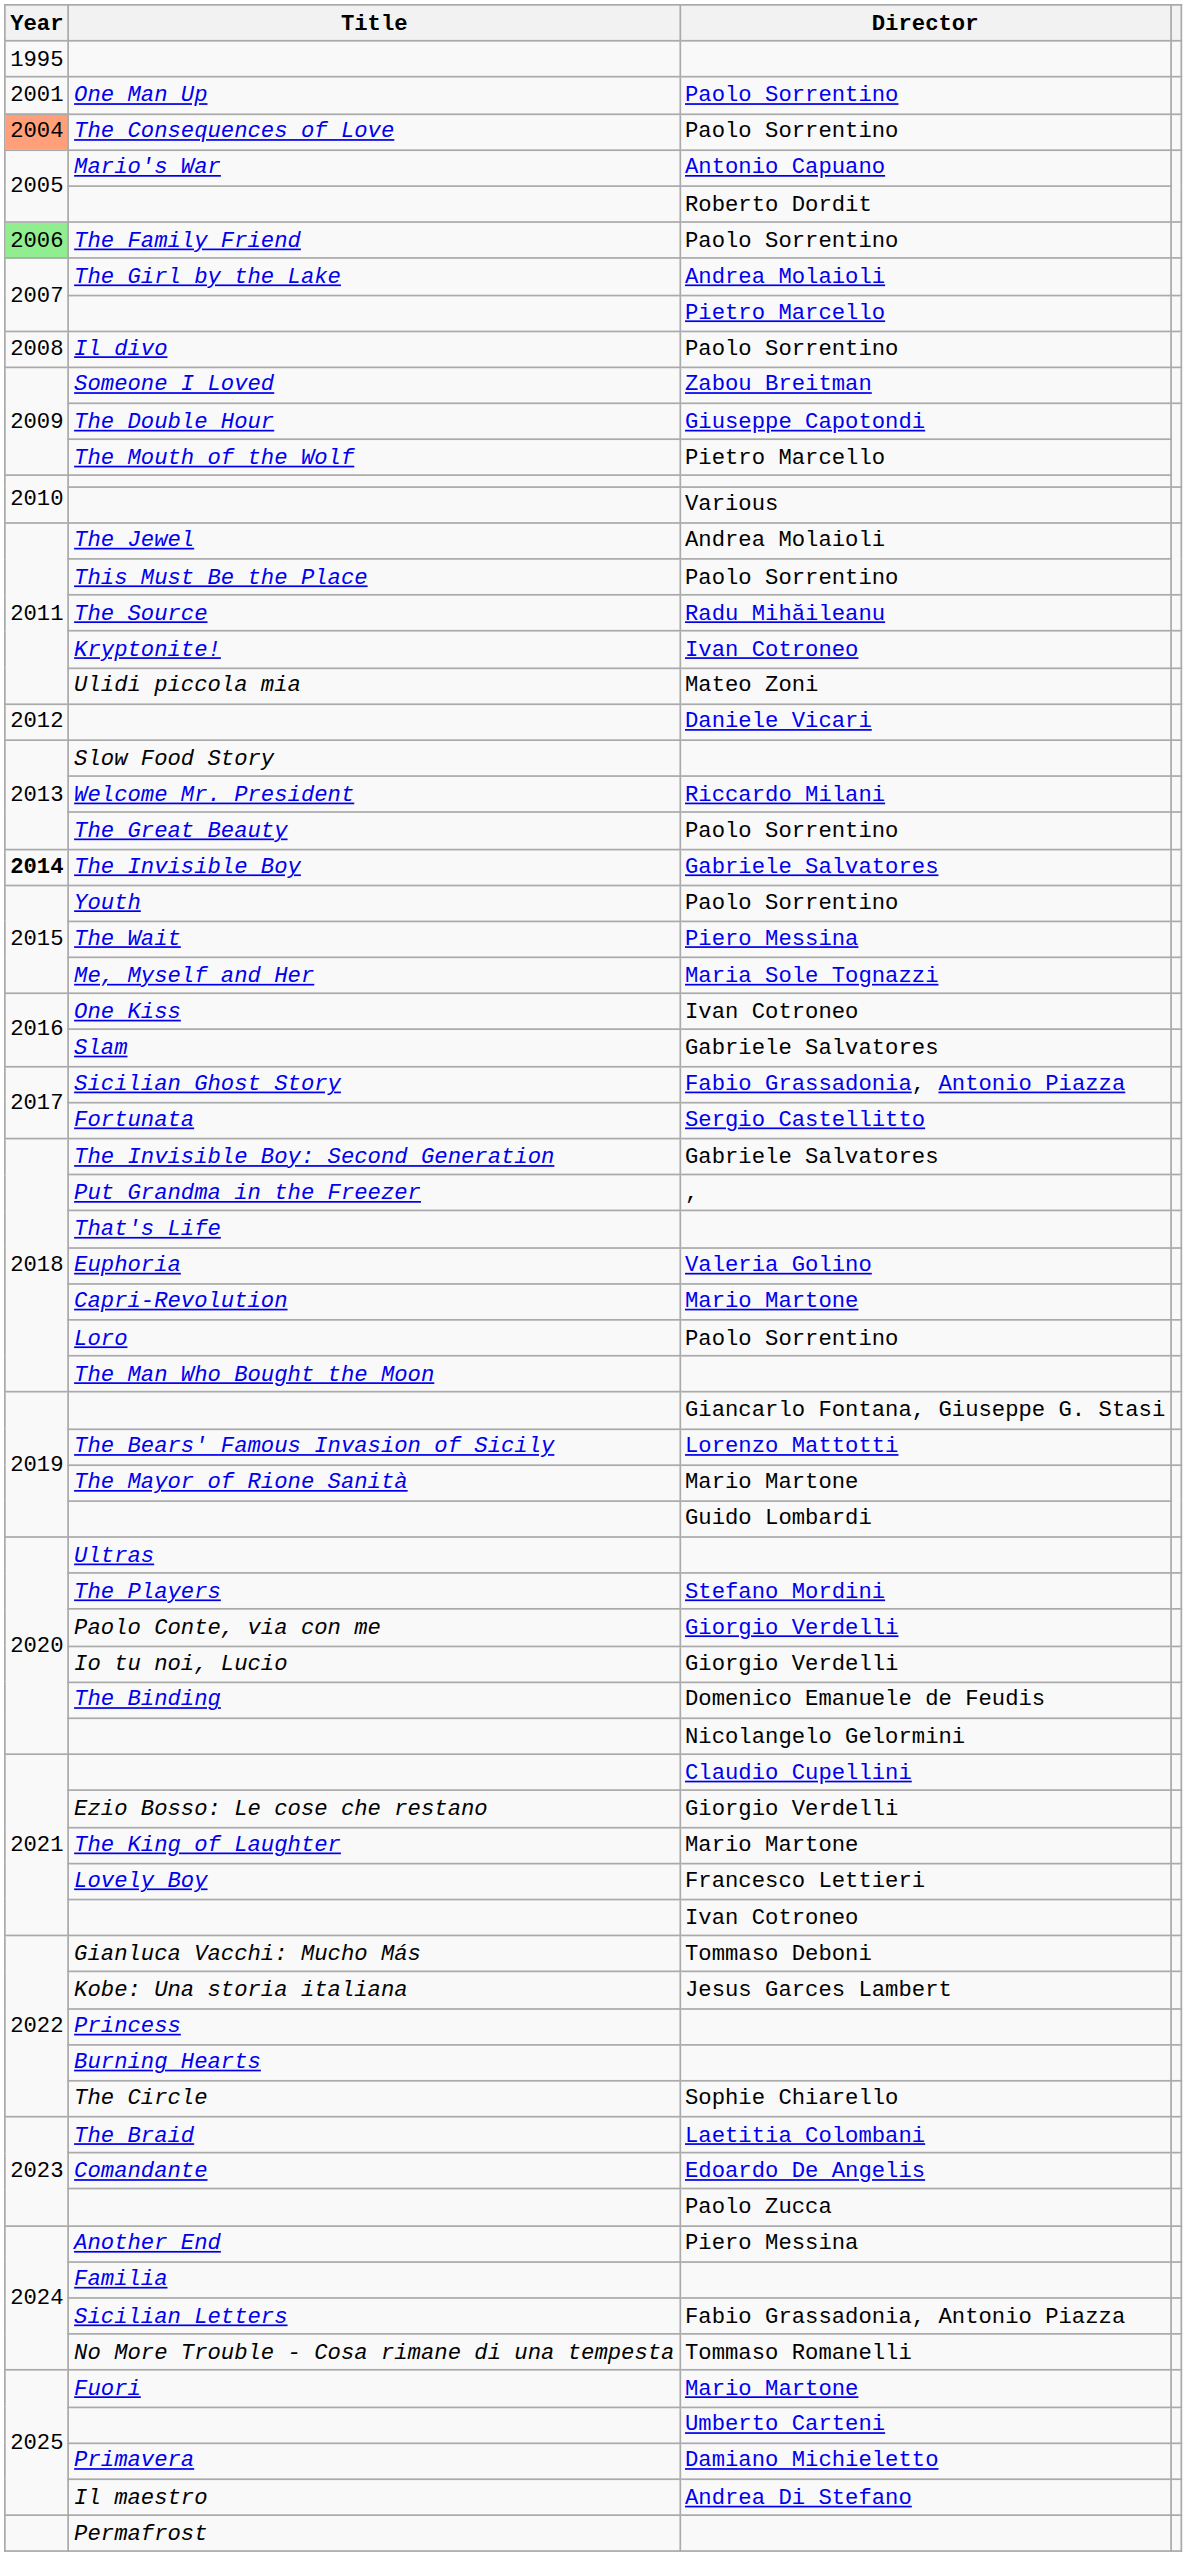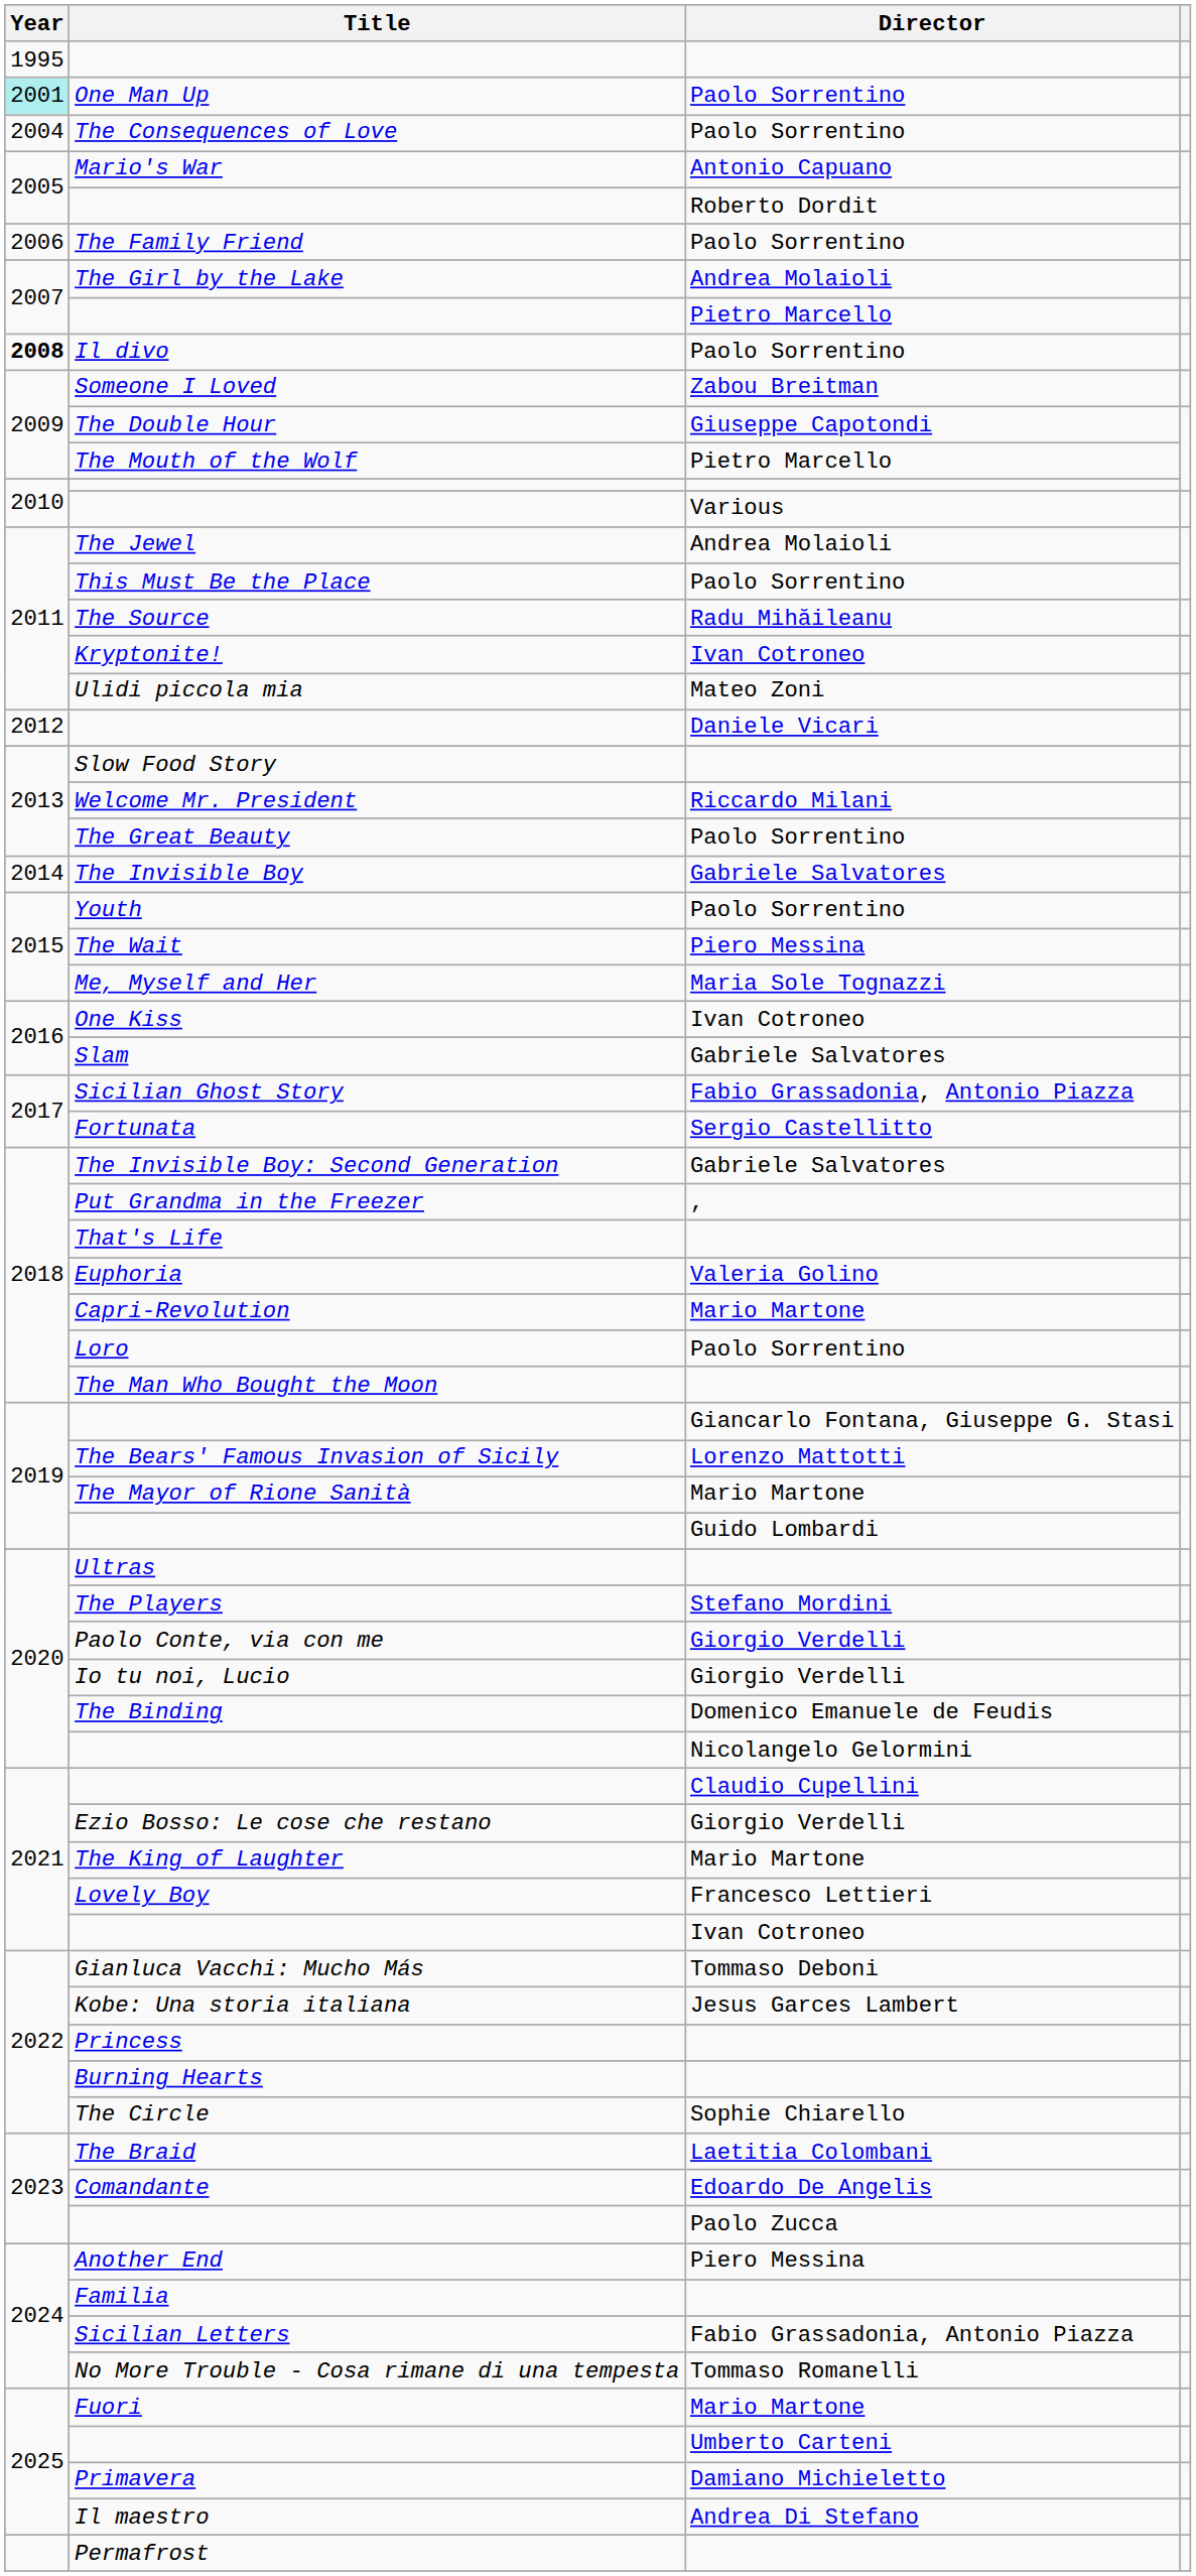 <table class="wikitable plainrowheaders sortable">
 <tr style="text-align:center;">
 <th>Year</th>
 <th>Title</th>
 <th>Director</th>
 <th class="unsortable"></th>
 </tr>
 <tr>
 <td>1995</td>
 <td><em></em></td>
 <td></td>
 <td></td>
 </tr>
 <tr>
-<td>2001</td>
+<td style="background: paleturquoise;">2001</td>
 <td><em><a href='#'>One Man Up</a></em></td>
 <td><a href='#'>Paolo Sorrentino</a></td>
 <td></td>
 </tr>
 <tr>
-<td style="background: lightsalmon;">2004</td>
+<td>2004</td>
 <td><em><a href='#'>The Consequences of Love</a></em></td>
 <td>Paolo Sorrentino</td>
 <td></td>
 </tr>
 <tr>
 <td rowspan="2">2005</td>
 <td><em><a href='#'>Mario's War</a></em></td>
 <td><a href='#'>Antonio Capuano</a></td>
 <td rowspan="2"></td>
 </tr>
 <tr>
 <td><em></em></td>
 <td>Roberto Dordit</td>
 </tr>
 <tr>
-<td style="background: lightgreen;">2006</td>
+<td>2006</td>
 <td><em><a href='#'>The Family Friend</a></em></td>
 <td>Paolo Sorrentino</td>
 <td></td>
 </tr>
 <tr>
 <td rowspan="2">2007</td>
 <td><em><a href='#'>The Girl by the Lake</a></em></td>
 <td><a href='#'>Andrea Molaioli</a></td>
 <td></td>
 </tr>
 <tr>
 <td><em></em></td>
 <td><a href='#'>Pietro Marcello</a></td>
 <td></td>
 </tr>
 <tr>
-<td>2008</td>
+<td><strong>2008</strong></td>
 <td><em><a href='#'>Il divo</a></em></td>
 <td>Paolo Sorrentino</td>
 <td></td>
 </tr>
 <tr>
 <td rowspan="3">2009</td>
 <td><em><a href='#'>Someone I Loved</a></em></td>
 <td><a href='#'>Zabou Breitman</a></td>
 <td></td>
 </tr>
 <tr>
 <td><em><a href='#'>The Double Hour</a></em></td>
 <td><a href='#'>Giuseppe Capotondi</a></td>
 <td rowspan="3"></td>
 </tr>
 <tr>
 <td><em><a href='#'>The Mouth of the Wolf</a></em></td>
 <td>Pietro Marcello</td>
 </tr>
 <tr>
 <td rowspan="2">2010</td>
 <td><em></em></td>
 <td></td>
 </tr>
 <tr>
 <td><em></em></td>
 <td>Various</td>
 <td></td>
 </tr>
 <tr>
 <td rowspan="5">2011</td>
 <td><em><a href='#'>The Jewel</a></em></td>
 <td>Andrea Molaioli</td>
 <td rowspan="2"></td>
 </tr>
 <tr>
 <td><em><a href='#'>This Must Be the Place</a></em></td>
 <td>Paolo Sorrentino</td>
 </tr>
 <tr>
 <td><em><a href='#'>The Source</a></em></td>
 <td><a href='#'>Radu Mihăileanu</a></td>
 <td></td>
 </tr>
 <tr>
 <td><em><a href='#'>Kryptonite!</a></em></td>
 <td><a href='#'>Ivan Cotroneo</a></td>
 <td></td>
 </tr>
 <tr>
 <td><em>Ulidi piccola mia</em></td>
 <td>Mateo Zoni</td>
 <td></td>
 </tr>
 <tr>
 <td>2012</td>
 <td><em></em></td>
 <td><a href='#'>Daniele Vicari</a></td>
 <td></td>
 </tr>
 <tr>
 <td rowspan="3">2013</td>
 <td><em>Slow Food Story</em></td>
 <td></td>
 <td></td>
 </tr>
 <tr>
 <td><em><a href='#'>Welcome Mr. President</a></em></td>
 <td><a href='#'>Riccardo Milani</a></td>
 <td></td>
 </tr>
 <tr>
 <td><em><a href='#'>The Great Beauty</a></em></td>
 <td>Paolo Sorrentino</td>
 <td></td>
 </tr>
 <tr>
-<td><strong>2014</strong></td>
+<td>2014</td>
 <td><em><a href='#'>The Invisible Boy</a></em></td>
 <td><a href='#'>Gabriele Salvatores</a></td>
 <td></td>
 </tr>
 <tr>
 <td rowspan="3">2015</td>
 <td><em><a href='#'>Youth</a></em></td>
 <td>Paolo Sorrentino</td>
 <td></td>
 </tr>
 <tr>
 <td><em><a href='#'>The Wait</a></em></td>
 <td><a href='#'>Piero Messina</a></td>
 <td></td>
 </tr>
 <tr>
 <td><em><a href='#'>Me, Myself and Her</a></em></td>
 <td><a href='#'>Maria Sole Tognazzi</a></td>
 <td></td>
 </tr>
 <tr>
 <td rowspan="2">2016</td>
 <td><em><a href='#'>One Kiss</a></em></td>
 <td>Ivan Cotroneo</td>
 <td></td>
 </tr>
 <tr>
 <td><em><a href='#'>Slam</a></em></td>
 <td>Gabriele Salvatores</td>
 <td></td>
 </tr>
 <tr>
 <td rowspan="2">2017</td>
 <td><em><a href='#'>Sicilian Ghost Story</a></em></td>
 <td><a href='#'>Fabio Grassadonia</a>, <a href='#'>Antonio Piazza</a></td>
 <td></td>
 </tr>
 <tr>
 <td><em><a href='#'>Fortunata</a></em></td>
 <td><a href='#'>Sergio Castellitto</a></td>
 <td></td>
 </tr>
 <tr>
 <td rowspan="7">2018</td>
 <td><em><a href='#'>The Invisible Boy: Second Generation</a></em></td>
 <td>Gabriele Salvatores</td>
 <td></td>
 </tr>
 <tr>
 <td><em><a href='#'>Put Grandma in the Freezer</a></em></td>
 <td>, </td>
 <td></td>
 </tr>
 <tr>
 <td><em><a href='#'>That's Life</a></em></td>
 <td></td>
 <td></td>
 </tr>
 <tr>
 <td><em><a href='#'>Euphoria</a></em></td>
 <td><a href='#'>Valeria Golino</a></td>
 <td></td>
 </tr>
 <tr>
 <td><em><a href='#'>Capri-Revolution</a></em></td>
 <td><a href='#'>Mario Martone</a></td>
 <td></td>
 </tr>
 <tr>
 <td><em><a href='#'>Loro</a></em></td>
 <td>Paolo Sorrentino</td>
 <td></td>
 </tr>
 <tr>
 <td><em><a href='#'>The Man Who Bought the Moon</a></em></td>
 <td></td>
 <td></td>
 </tr>
 <tr>
 <td rowspan="4">2019</td>
 <td><em></em></td>
 <td>Giancarlo Fontana, Giuseppe G. Stasi</td>
 <td></td>
 </tr>
 <tr>
 <td><em><a href='#'>The Bears' Famous Invasion of Sicily</a></em></td>
 <td><a href='#'>Lorenzo Mattotti</a></td>
 <td></td>
 </tr>
 <tr>
 <td><em><a href='#'>The Mayor of Rione Sanità</a></em></td>
 <td>Mario Martone</td>
 <td rowspan="2"></td>
 </tr>
 <tr>
 <td><em></em></td>
 <td>Guido Lombardi</td>
 </tr>
 <tr>
 <td rowspan="6">2020</td>
 <td><em><a href='#'>Ultras</a></em></td>
 <td></td>
 <td></td>
 </tr>
 <tr>
 <td><em><a href='#'>The Players</a></em></td>
 <td><a href='#'>Stefano Mordini</a></td>
 <td></td>
 </tr>
 <tr>
 <td><em>Paolo Conte, via con me</em></td>
 <td><a href='#'>Giorgio Verdelli</a></td>
 <td></td>
 </tr>
 <tr>
 <td><em>Io tu noi, Lucio</em></td>
 <td>Giorgio Verdelli</td>
 <td></td>
 </tr>
 <tr>
 <td><em><a href='#'>The Binding</a></em></td>
 <td>Domenico Emanuele de Feudis</td>
 <td></td>
 </tr>
 <tr>
 <td><em></em></td>
 <td>Nicolangelo Gelormini</td>
 <td></td>
 </tr>
 <tr>
 <td rowspan="5">2021</td>
 <td><em></em></td>
 <td><a href='#'>Claudio Cupellini</a></td>
 <td></td>
 </tr>
 <tr>
 <td><em>Ezio Bosso: Le cose che restano</em></td>
 <td>Giorgio Verdelli</td>
 <td></td>
 </tr>
 <tr>
 <td><em><a href='#'>The King of Laughter</a></em></td>
 <td>Mario Martone</td>
 <td></td>
 </tr>
 <tr>
 <td><em><a href='#'>Lovely Boy</a></em></td>
 <td>Francesco Lettieri</td>
 <td></td>
 </tr>
 <tr>
 <td><em></em></td>
 <td>Ivan Cotroneo</td>
 <td></td>
 </tr>
 <tr>
 <td rowspan="5">2022</td>
 <td><em>Gianluca Vacchi: Mucho Más</em></td>
 <td>Tommaso Deboni</td>
 <td></td>
 </tr>
 <tr>
 <td><em>Kobe: Una storia italiana</em></td>
 <td>Jesus Garces Lambert</td>
 <td></td>
 </tr>
 <tr>
 <td><em><a href='#'>Princess</a></em></td>
 <td></td>
 <td></td>
 </tr>
 <tr>
 <td><em><a href='#'>Burning Hearts</a></em></td>
 <td></td>
 <td></td>
 </tr>
 <tr>
 <td><em>The Circle</em></td>
 <td>Sophie Chiarello</td>
 <td></td>
 </tr>
 <tr>
 <td rowspan="3">2023</td>
 <td><em><a href='#'>The Braid</a></em></td>
 <td><a href='#'>Laetitia Colombani</a></td>
 <td></td>
 </tr>
 <tr>
 <td><em><a href='#'>Comandante</a></em></td>
 <td><a href='#'>Edoardo De Angelis</a></td>
 <td></td>
 </tr>
 <tr>
 <td><em></em></td>
 <td>Paolo Zucca</td>
 <td></td>
 </tr>
 <tr>
 <td rowspan="4">2024</td>
 <td><em><a href='#'>Another End</a></em></td>
 <td>Piero Messina</td>
 <td></td>
 </tr>
 <tr>
 <td><em><a href='#'>Familia</a></em></td>
 <td></td>
 <td></td>
 </tr>
 <tr>
 <td><em><a href='#'>Sicilian Letters</a></em></td>
 <td>Fabio Grassadonia, Antonio Piazza</td>
 <td></td>
 </tr>
 <tr>
 <td><em>No More Trouble - Cosa rimane di una tempesta</em></td>
 <td>Tommaso Romanelli</td>
 <td></td>
 </tr>
 <tr>
 <td rowspan="4">2025</td>
 <td><em><a href='#'>Fuori</a></em></td>
 <td><a href='#'>Mario Martone</a></td>
 <td></td>
 </tr>
 <tr>
 <td><em></em></td>
 <td><a href='#'>Umberto Carteni</a></td>
 <td></td>
 </tr>
 <tr>
 <td><em><a href='#'>Primavera</a></em></td>
 <td><a href='#'>Damiano Michieletto</a></td>
 <td></td>
 </tr>
 <tr>
 <td><em>Il maestro</em></td>
 <td><a href='#'>Andrea Di Stefano</a></td>
 <td></td>
 </tr>
 <tr>
 <td></td>
 <td><em>Permafrost</em></td>
 <td></td>
 <td></td>
 </tr>
 </table>
